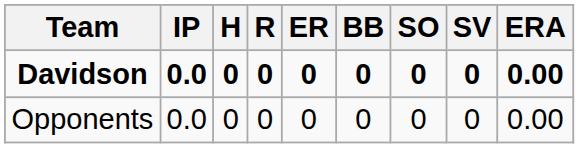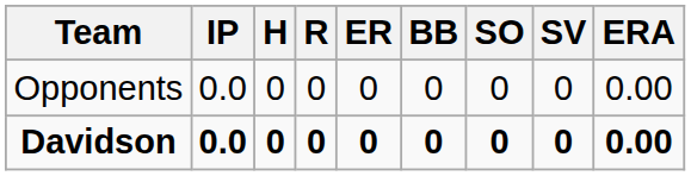 <table class="wikitable sortable">
 <tr>
 <th>Team</th>
 <th>IP</th>
 <th>H</th>
 <th>R</th>
 <th>ER</th>
 <th>BB</th>
 <th>SO</th>
 <th>SV</th>
 <th>ERA</th>
 </tr>
 <tr style="text-align:center;">
+<td>Opponents</td>
+<td>0.0</td>
+<td>0</td>
+<td>0</td>
+<td>0</td>
+<td>0</td>
+<td>0</td>
+<td>0</td>
+<td>0.00</td>
+</tr>
+<tr style="text-align:center;">
 <td><strong>Davidson</strong></td>
 <td><strong>0.0</strong></td>
 <td><strong>0</strong></td>
 <td><strong>0</strong></td>
 <td><strong>0</strong></td>
 <td><strong>0</strong></td>
 <td><strong>0</strong></td>
 <td><strong>0</strong></td>
 <td><strong>0.00</strong></td>
 </tr>
-<tr style="text-align:center;">
-<td>Opponents</td>
-<td>0.0</td>
-<td>0</td>
-<td>0</td>
-<td>0</td>
-<td>0</td>
-<td>0</td>
-<td>0</td>
-<td>0.00</td>
-</tr>
 </table>
